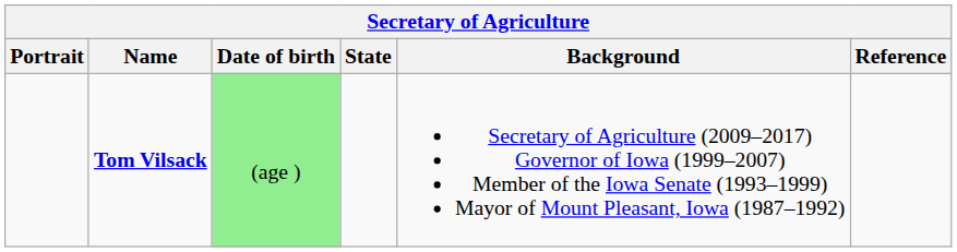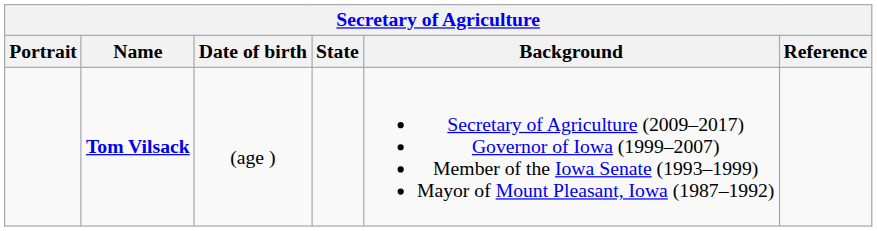 <table class="wikitable collapsible" style="text-align:center;">
 <tr>
 <th colspan="6"><a href='#'>Secretary of Agriculture</a></th>
 </tr>
 <tr>
 <th>Portrait</th>
 <th>Name</th>
 <th>Date of birth</th>
 <th>State</th>
 <th>Background</th>
 <th>Reference</th>
 </tr>
 <tr>
 <td></td>
 <td><strong><a href='#'>Tom Vilsack</a></strong></td>
-<td style="background: lightgreen;"><br>(age )</td>
+<td><br>(age )</td>
 <td></td>
 <td><br><ul><li><a href='#'>Secretary of Agriculture</a> (2009–2017)</li><li><a href='#'>Governor of Iowa</a> (1999–2007)</li><li>Member of the <a href='#'>Iowa Senate</a> (1993–1999)</li><li>Mayor of <a href='#'>Mount Pleasant, Iowa</a> (1987–1992)</li></ul></td>
 <td></td>
 </tr>
 </table>
